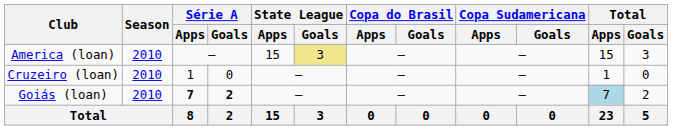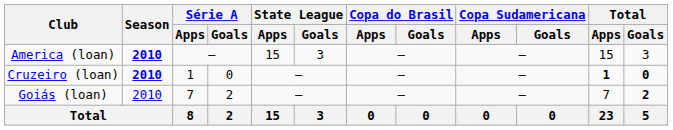 <table class="wikitable" style="text-align:center">
 <tr>
 <th rowspan="2">Club</th>
 <th rowspan="2">Season</th>
 <th colspan="2"><a href='#'>Série A</a></th>
 <th colspan="2">State League</th>
 <th colspan="2"><a href='#'>Copa do Brasil</a></th>
 <th colspan="2"><a href='#'>Copa Sudamericana</a></th>
 <th colspan="2">Total</th>
 </tr>
 <tr>
 <th>Apps</th>
 <th>Goals</th>
 <th>Apps</th>
 <th>Goals</th>
 <th>Apps</th>
 <th>Goals</th>
 <th>Apps</th>
 <th>Goals</th>
 <th>Apps</th>
 <th>Goals</th>
 </tr>
 <tr>
 <td><a href='#'>America</a> (loan)</td>
-<td><a href='#'>2010</a></td>
+<td><strong><a href='#'>2010</a></strong></td>
 <td colspan="2">–</td>
 <td>15</td>
-<td style="background: khaki;">3</td>
+<td>3</td>
 <td colspan="2">–</td>
 <td colspan="2">–</td>
 <td>15</td>
 <td>3</td>
 </tr>
 <tr>
 <td><a href='#'>Cruzeiro</a> (loan)</td>
-<td><a href='#'>2010</a></td>
+<td><strong><a href='#'>2010</a></strong></td>
 <td>1</td>
 <td>0</td>
 <td colspan="2">–</td>
 <td colspan="2">–</td>
 <td colspan="2">–</td>
-<td>1</td>
-<td>0</td>
+<td><strong>1</strong></td>
+<td><strong>0</strong></td>
 </tr>
 <tr>
 <td><a href='#'>Goiás</a> (loan)</td>
 <td><a href='#'>2010</a></td>
-<td><strong>7</strong></td>
-<td><strong>2</strong></td>
+<td>7</td>
+<td>2</td>
 <td colspan="2">–</td>
 <td colspan="2">–</td>
 <td colspan="2">–</td>
-<td style="background: lightblue;">7</td>
-<td>2</td>
+<td>7</td>
+<td><strong>2</strong></td>
 </tr>
 <tr>
 <th colspan="2">Total</th>
 <th>8</th>
 <th>2</th>
 <th>15</th>
 <th>3</th>
 <th>0</th>
 <th>0</th>
 <th>0</th>
 <th>0</th>
 <th>23</th>
 <th>5</th>
 </tr>
 </table>
